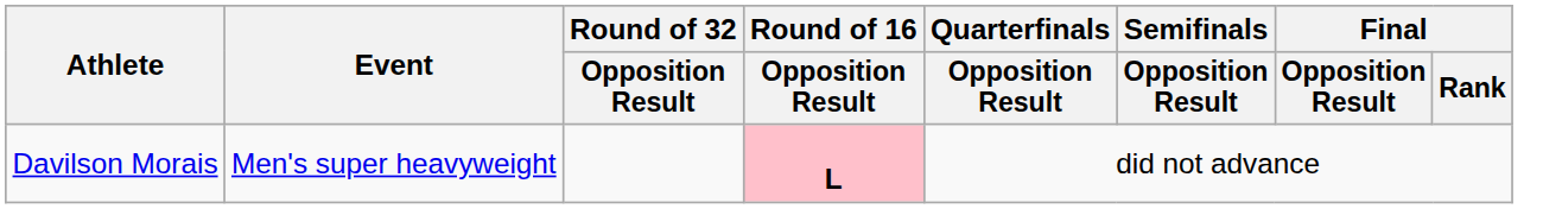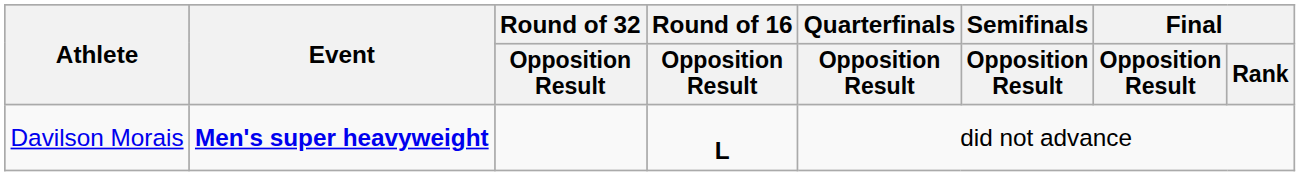 <table class="wikitable" style="font-size:90%">
 <tr>
 <th rowspan="2">Athlete</th>
 <th rowspan="2">Event</th>
 <th>Round of 32</th>
 <th>Round of 16</th>
 <th>Quarterfinals</th>
 <th>Semifinals</th>
 <th colspan=2>Final</th>
 </tr>
 <tr style="font-size:95%">
 <th>Opposition<br>Result</th>
 <th>Opposition<br>Result</th>
 <th>Opposition<br>Result</th>
 <th>Opposition<br>Result</th>
 <th>Opposition<br>Result</th>
 <th>Rank</th>
 </tr>
 <tr align=center>
 <td align=left><a href='#'>Davilson Morais</a></td>
-<td align=left><a href='#'>Men's super heavyweight</a></td>
+<td align=left><strong><a href='#'>Men's super heavyweight</a></strong></td>
 <td></td>
-<td style="background: pink;"><br><strong>L</strong> </td>
+<td><br><strong>L</strong> </td>
 <td colspan=4>did not advance</td>
 </tr>
 </table>
